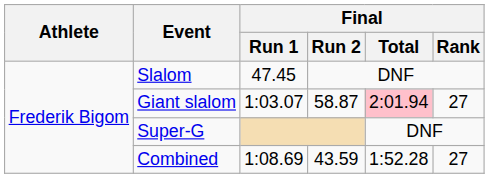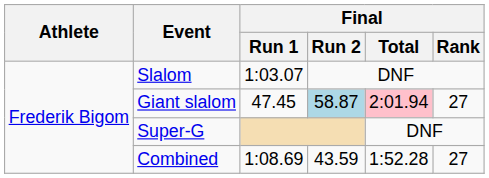 <table class="wikitable">
 <tr>
 <th rowspan="2">Athlete</th>
 <th rowspan="2">Event</th>
 <th colspan="4">Final</th>
 </tr>
 <tr>
 <th>Run 1</th>
 <th>Run 2</th>
 <th>Total</th>
 <th>Rank</th>
 </tr>
 <tr>
 <td rowspan=4><a href='#'>Frederik Bigom</a></td>
 <td><a href='#'>Slalom</a></td>
-<td align="center">47.45</td>
+<td align="center">1:03.07</td>
 <td align="center" colspan=3>DNF</td>
 </tr>
 <tr>
 <td><a href='#'>Giant slalom</a></td>
-<td align="center">1:03.07</td>
-<td align="center">58.87</td>
+<td align="center">47.45</td>
+<td align="center" style="background: lightblue;">58.87</td>
 <td align="center" style="background: pink;">2:01.94</td>
 <td align="center">27</td>
 </tr>
 <tr>
 <td><a href='#'>Super-G</a></td>
 <td colspan=2 bgcolor="wheat"></td>
 <td align="center" colspan=2>DNF</td>
 </tr>
 <tr>
 <td><a href='#'>Combined</a></td>
 <td align="center">1:08.69</td>
 <td align="center">43.59</td>
 <td align="center">1:52.28</td>
 <td align="center">27</td>
 </tr>
 </table>
